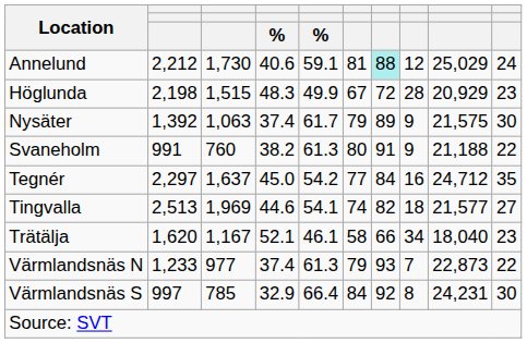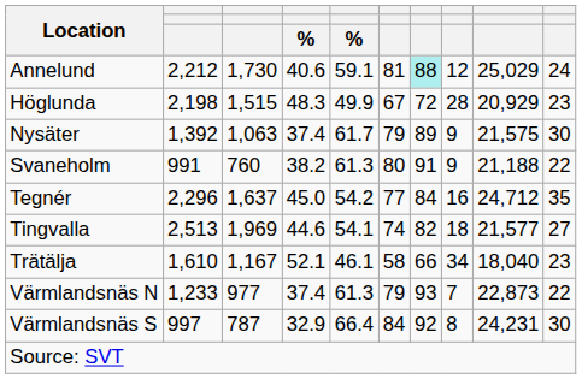 <table role="presentation" class="wikitable sortable mw-collapsible">
 <tr>
 <th rowspan="3">Location</th>
 <th></th>
 <th></th>
 <th></th>
 <th></th>
 <th></th>
 <th></th>
 <th></th>
 <th></th>
 <th></th>
 </tr>
 <tr>
 <th></th>
 <th></th>
 <th style="background:"></th>
 <th style="background:"></th>
 <th></th>
 <th></th>
 <th></th>
 <th></th>
 <th></th>
 </tr>
 <tr>
 <th data-sort-type="number"></th>
 <th data-sort-type="number"></th>
 <th data-sort-type="number">%</th>
 <th data-sort-type="number">%</th>
 <th data-sort-type="number"></th>
 <th data-sort-type="number"></th>
 <th data-sort-type="number"></th>
 <th data-sort-type="number"></th>
 <th data-sort-type="number"></th>
 </tr>
 <tr>
 <td align="left">Annelund</td>
 <td>2,212</td>
 <td>1,730</td>
 <td>40.6</td>
 <td>59.1</td>
 <td>81</td>
 <td style="background: paleturquoise;">88</td>
 <td>12</td>
 <td>25,029</td>
 <td>24</td>
 </tr>
 <tr>
 <td align="left">Höglunda</td>
 <td>2,198</td>
 <td>1,515</td>
 <td>48.3</td>
 <td>49.9</td>
 <td>67</td>
 <td>72</td>
 <td>28</td>
 <td>20,929</td>
 <td>23</td>
 </tr>
 <tr>
 <td align="left">Nysäter</td>
 <td>1,392</td>
 <td>1,063</td>
 <td>37.4</td>
 <td>61.7</td>
 <td>79</td>
 <td>89</td>
 <td>9</td>
 <td>21,575</td>
 <td>30</td>
 </tr>
 <tr>
 <td align="left">Svaneholm</td>
 <td>991</td>
 <td>760</td>
 <td>38.2</td>
 <td>61.3</td>
 <td>80</td>
 <td>91</td>
 <td>9</td>
 <td>21,188</td>
 <td>22</td>
 </tr>
 <tr>
 <td align="left">Tegnér</td>
-<td>2,297</td>
+<td>2,296</td>
 <td>1,637</td>
 <td>45.0</td>
 <td>54.2</td>
 <td>77</td>
 <td>84</td>
 <td>16</td>
 <td>24,712</td>
 <td>35</td>
 </tr>
 <tr>
 <td align="left">Tingvalla</td>
 <td>2,513</td>
 <td>1,969</td>
 <td>44.6</td>
 <td>54.1</td>
 <td>74</td>
 <td>82</td>
 <td>18</td>
 <td>21,577</td>
 <td>27</td>
 </tr>
 <tr>
 <td align="left">Trätälja</td>
-<td>1,620</td>
+<td>1,610</td>
 <td>1,167</td>
 <td>52.1</td>
 <td>46.1</td>
 <td>58</td>
 <td>66</td>
 <td>34</td>
 <td>18,040</td>
 <td>23</td>
 </tr>
 <tr>
 <td align="left">Värmlandsnäs N</td>
 <td>1,233</td>
 <td>977</td>
 <td>37.4</td>
 <td>61.3</td>
 <td>79</td>
 <td>93</td>
 <td>7</td>
 <td>22,873</td>
 <td>22</td>
 </tr>
 <tr>
 <td align="left">Värmlandsnäs S</td>
 <td>997</td>
-<td>785</td>
+<td>787</td>
 <td>32.9</td>
 <td>66.4</td>
 <td>84</td>
 <td>92</td>
 <td>8</td>
 <td>24,231</td>
 <td>30</td>
 </tr>
 <tr>
 <td colspan="10" align="left">Source: <a href='#'>SVT</a></td>
 </tr>
 </table>
